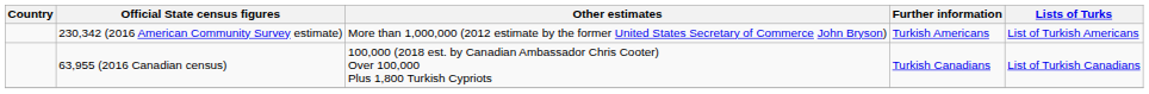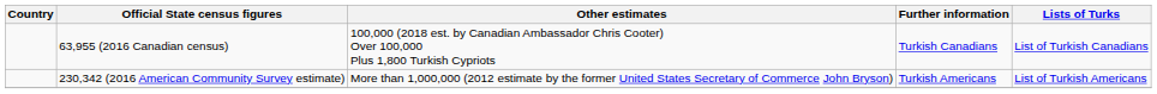 <table class="wikitable sortable">
 <tr>
 <th>Country</th>
 <th>Official State census figures</th>
 <th>Other estimates</th>
 <th>Further information</th>
 <th><a href='#'>Lists of Turks</a></th>
 </tr>
 <tr>
 <td></td>
+<td>63,955 (2016 Canadian census)</td>
+<td>100,000 (2018 est. by Canadian Ambassador Chris Cooter) <br> Over 100,000 <br> Plus 1,800 Turkish Cypriots</td>
+<td><a href='#'>Turkish Canadians</a></td>
+<td><a href='#'>List of Turkish Canadians</a></td>
+</tr>
+<tr>
+<td></td>
 <td>230,342 (2016 <a href='#'>American Community Survey</a> estimate)</td>
 <td>More than 1,000,000 (2012 estimate by the former <a href='#'>United States Secretary of Commerce</a> <a href='#'>John Bryson</a>)</td>
 <td><a href='#'>Turkish Americans</a></td>
 <td><a href='#'>List of Turkish Americans</a></td>
 </tr>
 <tr>
-<td></td>
-<td>63,955 (2016 Canadian census)</td>
-<td>100,000 (2018 est. by Canadian Ambassador Chris Cooter) <br> Over 100,000 <br> Plus 1,800 Turkish Cypriots</td>
-<td><a href='#'>Turkish Canadians</a></td>
-<td><a href='#'>List of Turkish Canadians</a></td>
-</tr>
-<tr>
 </tr>
 </table>
